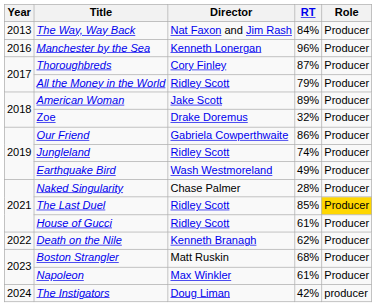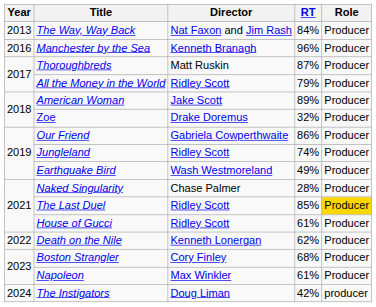 <table class="wikitable">
 <tr>
 <th>Year</th>
 <th>Title</th>
 <th>Director</th>
 <th><a href='#'>RT</a></th>
 <th>Role</th>
 </tr>
 <tr>
 <td>2013</td>
 <td><em><a href='#'>The Way, Way Back</a></em></td>
 <td><a href='#'>Nat Faxon</a> and <a href='#'>Jim Rash</a></td>
 <td>84%</td>
 <td>Producer</td>
 </tr>
 <tr>
 <td>2016</td>
 <td><em><a href='#'>Manchester by the Sea</a></em></td>
-<td><a href='#'>Kenneth Lonergan</a></td>
+<td><a href='#'>Kenneth Branagh</a></td>
 <td>96%</td>
 <td>Producer</td>
 </tr>
 <tr>
 <td rowspan="2">2017</td>
 <td><em><a href='#'>Thoroughbreds</a></em></td>
-<td><a href='#'>Cory Finley</a></td>
+<td>Matt Ruskin</td>
 <td>87%</td>
 <td>Producer</td>
 </tr>
 <tr>
 <td><em><a href='#'>All the Money in the World</a></em></td>
 <td><a href='#'>Ridley Scott</a></td>
 <td>79%</td>
 <td>Producer</td>
 </tr>
 <tr>
 <td rowspan="2">2018</td>
 <td><em><a href='#'>American Woman</a></em></td>
 <td><a href='#'>Jake Scott</a></td>
 <td>89%</td>
 <td>Producer</td>
 </tr>
 <tr>
 <td><a href='#'>Zoe</a></td>
 <td><a href='#'>Drake Doremus</a></td>
 <td>32%</td>
 <td>Producer</td>
 </tr>
 <tr>
 <td rowspan="3">2019</td>
 <td><em><a href='#'>Our Friend</a></em></td>
 <td><a href='#'>Gabriela Cowperthwaite</a></td>
 <td>86%</td>
 <td>Producer</td>
 </tr>
 <tr>
 <td><em><a href='#'>Jungleland</a></em></td>
 <td><a href='#'>Ridley Scott</a></td>
 <td>74%</td>
 <td>Producer</td>
 </tr>
 <tr>
 <td><em><a href='#'>Earthquake Bird</a></em></td>
 <td><a href='#'>Wash Westmoreland</a></td>
 <td>49%</td>
 <td>Producer</td>
 </tr>
 <tr>
 <td rowspan="3">2021</td>
 <td><em><a href='#'>Naked Singularity</a></em></td>
 <td>Chase Palmer</td>
 <td>28%</td>
 <td>Producer</td>
 </tr>
 <tr>
 <td><em><a href='#'>The Last Duel</a></em></td>
 <td><a href='#'>Ridley Scott</a></td>
 <td>85%</td>
 <td style="background: gold;">Producer</td>
 </tr>
 <tr>
 <td><em><a href='#'>House of Gucci</a></em></td>
 <td><a href='#'>Ridley Scott</a></td>
 <td>61%</td>
 <td>Producer</td>
 </tr>
 <tr>
 <td>2022</td>
 <td><em><a href='#'>Death on the Nile</a></em></td>
-<td><a href='#'>Kenneth Branagh</a></td>
+<td><a href='#'>Kenneth Lonergan</a></td>
 <td>62%</td>
 <td>Producer</td>
 </tr>
 <tr>
 <td rowspan="2">2023</td>
 <td><em><a href='#'>Boston Strangler</a></em></td>
-<td>Matt Ruskin</td>
+<td><a href='#'>Cory Finley</a></td>
 <td>68%</td>
 <td>Producer</td>
 </tr>
 <tr>
 <td><em><a href='#'>Napoleon</a></em></td>
 <td><a href='#'>Max Winkler</a></td>
 <td>61%</td>
 <td>Producer</td>
 </tr>
 <tr>
 <td>2024</td>
 <td><em><a href='#'>The Instigators</a></em></td>
 <td><a href='#'>Doug Liman</a></td>
 <td>42%</td>
 <td>producer</td>
 </tr>
 </table>
